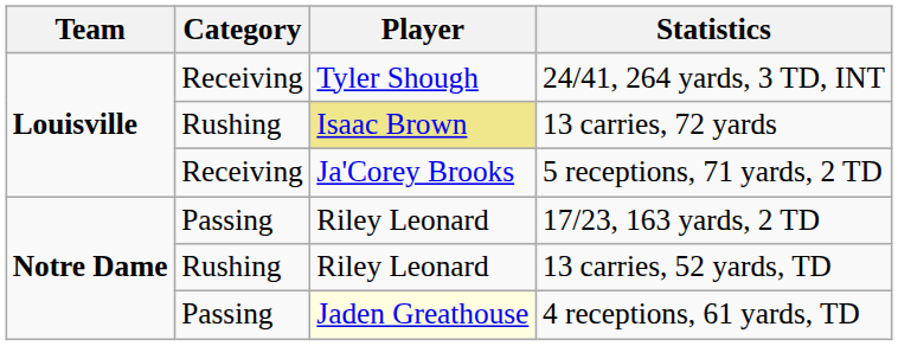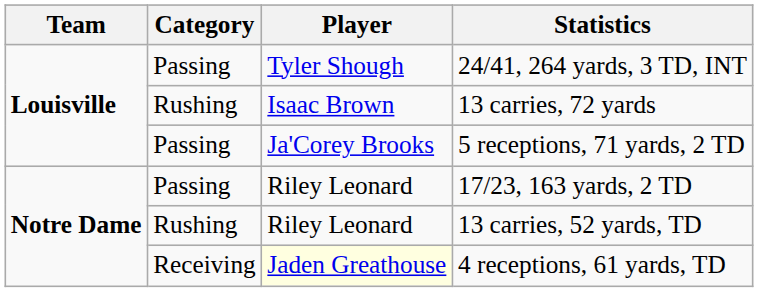 <table class="wikitable" style="float: right;">
 <tr>
 <th>Team</th>
 <th>Category</th>
 <th>Player</th>
 <th>Statistics</th>
 </tr>
 <tr>
 <td rowspan=3><strong>Louisville</strong></td>
-<td>Receiving</td>
+<td>Passing</td>
 <td><a href='#'>Tyler Shough</a></td>
 <td>24/41, 264 yards, 3 TD, INT</td>
 </tr>
 <tr>
 <td>Rushing</td>
-<td style="background: khaki;"><a href='#'>Isaac Brown</a></td>
+<td><a href='#'>Isaac Brown</a></td>
 <td>13 carries, 72 yards</td>
 </tr>
 <tr>
-<td>Receiving</td>
+<td>Passing</td>
 <td><a href='#'>Ja'Corey Brooks</a></td>
 <td>5 receptions, 71 yards, 2 TD</td>
 </tr>
 <tr>
 <td rowspan=3><strong>Notre Dame</strong></td>
 <td>Passing</td>
 <td>Riley Leonard</td>
 <td>17/23, 163 yards, 2 TD</td>
 </tr>
 <tr>
 <td>Rushing</td>
 <td>Riley Leonard</td>
 <td>13 carries, 52 yards, TD</td>
 </tr>
 <tr>
-<td>Passing</td>
+<td>Receiving</td>
 <td style="background: lightyellow;"><a href='#'>Jaden Greathouse</a></td>
 <td>4 receptions, 61 yards, TD</td>
 </tr>
 </table>
